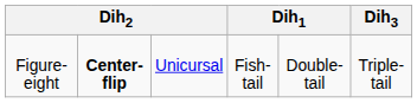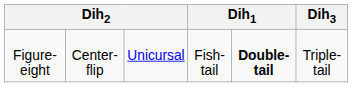 <table class="wikitable skin-invert-image" style="width:400px; text-align:center;">
 <tr>
 <th colspan=3>Dih<sub>2</sub></th>
 <th colspan=2>Dih<sub>1</sub></th>
 <th>Dih<sub>3</sub></th>
 </tr>
 <tr valign=top>
 <td><br>Figure-eight</td>
-<td><strong><br>Center-flip</strong></td>
+<td><br>Center-flip</td>
 <td><br><a href='#'>Unicursal</a></td>
 <td><br>Fish-tail</td>
-<td><br>Double-tail</td>
+<td><strong><br>Double-tail</strong></td>
 <td><br>Triple-tail</td>
 </tr>
 </table>
